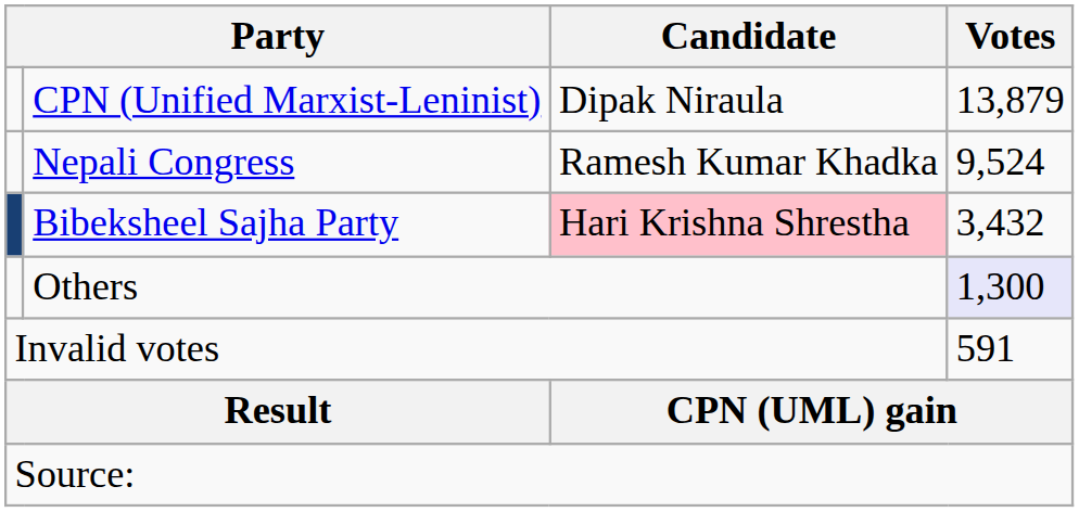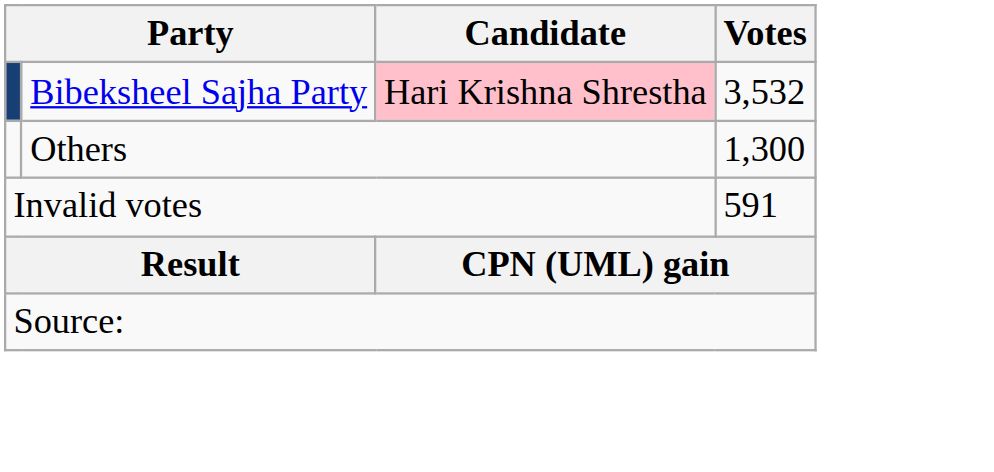 <table class="wikitable">
 <tr>
 <th colspan="2">Party</th>
 <th>Candidate</th>
 <th>Votes</th>
 </tr>
 <tr>
-<td style="background-color:"></td>
-<td><a href='#'>CPN (Unified Marxist-Leninist)</a></td>
-<td>Dipak Niraula</td>
-<td>13,879</td>
-</tr>
-<tr>
-<td style="background-color:"></td>
-<td><a href='#'>Nepali Congress</a></td>
-<td>Ramesh Kumar Khadka</td>
-<td>9,524</td>
-</tr>
-<tr>
 <td style="background-color:#183F73"></td>
 <td><a href='#'>Bibeksheel Sajha Party</a></td>
 <td style="background: pink;">Hari Krishna Shrestha</td>
-<td>3,432</td>
+<td>3,532</td>
 </tr>
 <tr>
 <td></td>
 <td colspan="2">Others</td>
-<td style="background: lavender;">1,300</td>
+<td>1,300</td>
 </tr>
 <tr>
 <td colspan="3">Invalid votes</td>
 <td>591</td>
 </tr>
 <tr>
 <th colspan="2">Result</th>
 <th colspan="2">CPN (UML) gain</th>
 </tr>
 <tr>
 <td colspan="4">Source: </td>
 </tr>
 </table>
